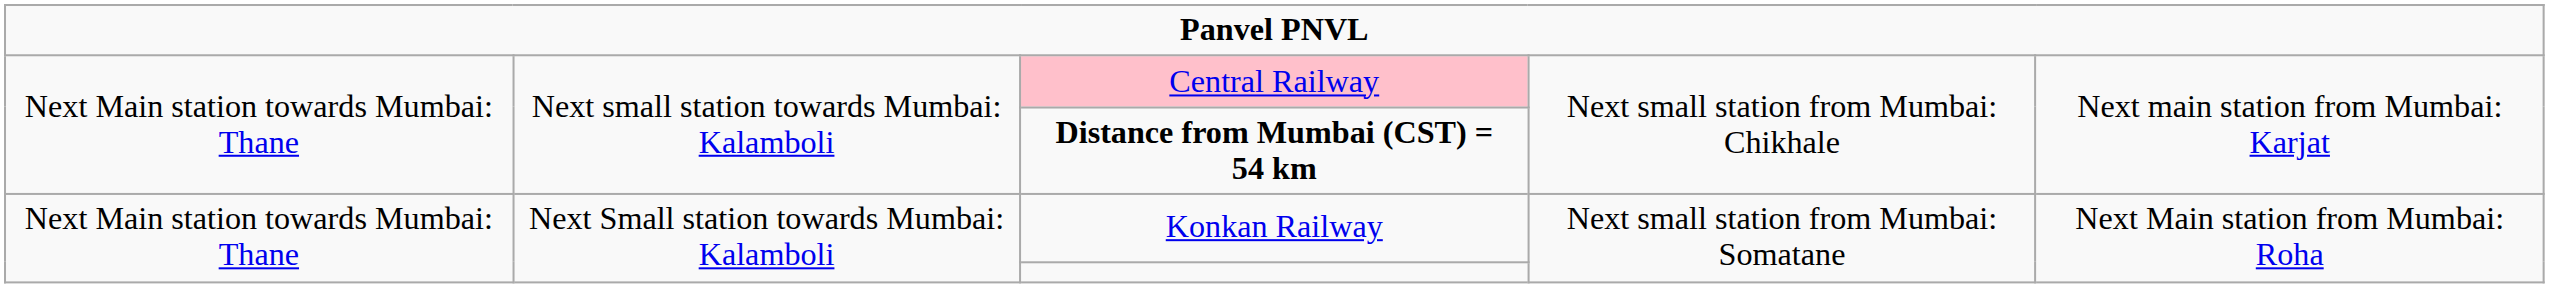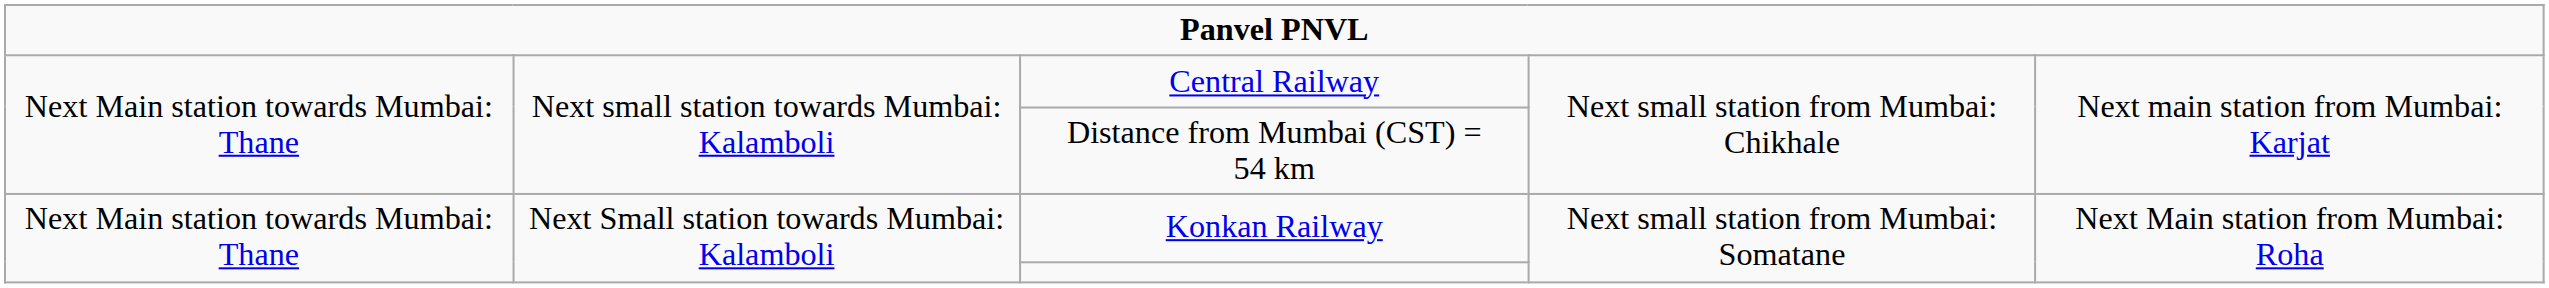 <table class="wikitable" style="text-align:center; width:100%;">
 <tr>
 <td colspan="5"><strong>Panvel PNVL</strong></td>
 </tr>
 <tr>
 <td style="width:20%;" rowspan="2">Next Main station towards Mumbai:<br><a href='#'>Thane</a></td>
 <td style="width:20%;" rowspan="2">Next small station towards Mumbai:<br><a href='#'>Kalamboli</a></td>
-<td style="background: pink; width:20%;"><a href='#'>Central Railway</a></td>
+<td style="width:20%;"><a href='#'>Central Railway</a></td>
 <td style="width:20%;" rowspan="2">Next small station from Mumbai:<br>Chikhale</td>
 <td style="width:20%;" rowspan="2">Next main station from Mumbai:<br><a href='#'>Karjat</a></td>
 </tr>
 <tr>
-<td><strong>Distance from Mumbai (CST) = 54 km</strong></td>
+<td>Distance from Mumbai (CST) = 54 km</td>
 </tr>
 <tr>
 <td style="width:20%;" rowspan="2">Next Main station towards Mumbai:<br><a href='#'>Thane</a></td>
 <td style="width:20%;" rowspan="2">Next Small station towards Mumbai:<br><a href='#'>Kalamboli</a></td>
 <td style="width:20%;"><a href='#'>Konkan Railway</a></td>
 <td style="width:20%;" rowspan="2">Next small station from Mumbai:<br>Somatane</td>
 <td style="width:20%;" rowspan="2">Next Main station from Mumbai:<br><a href='#'>Roha</a></td>
 </tr>
 <tr>
 <td></td>
 </tr>
 </table>
